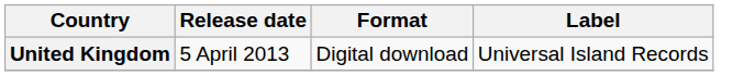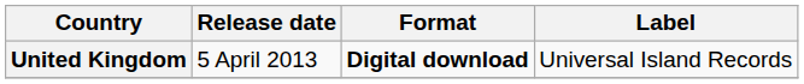 <table class="wikitable plainrowheaders">
 <tr>
 <th scope="col">Country</th>
 <th scope="col">Release date</th>
 <th scope="col">Format</th>
 <th scope="col">Label</th>
 </tr>
 <tr>
 <th scope="row">United Kingdom</th>
 <td>5 April 2013</td>
-<td>Digital download</td>
+<td><strong>Digital download</strong></td>
 <td>Universal Island Records</td>
 </tr>
 <tr>
 </tr>
 </table>
